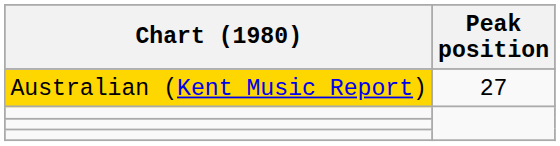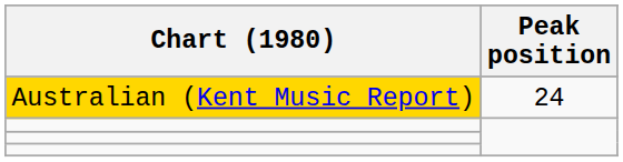 <table class="wikitable sortable">
 <tr>
 <th>Chart (1980)</th>
 <th>Peak<br>position</th>
 </tr>
 <tr>
 <td style="background: gold;">Australian (<a href='#'>Kent Music Report</a>)</td>
-<td align="center">27</td>
+<td align="center">24</td>
 </tr>
 <tr>
 <td></td>
 </tr>
 <tr>
 <td></td>
 </tr>
 <tr>
 <td></td>
 </tr>
 </table>
